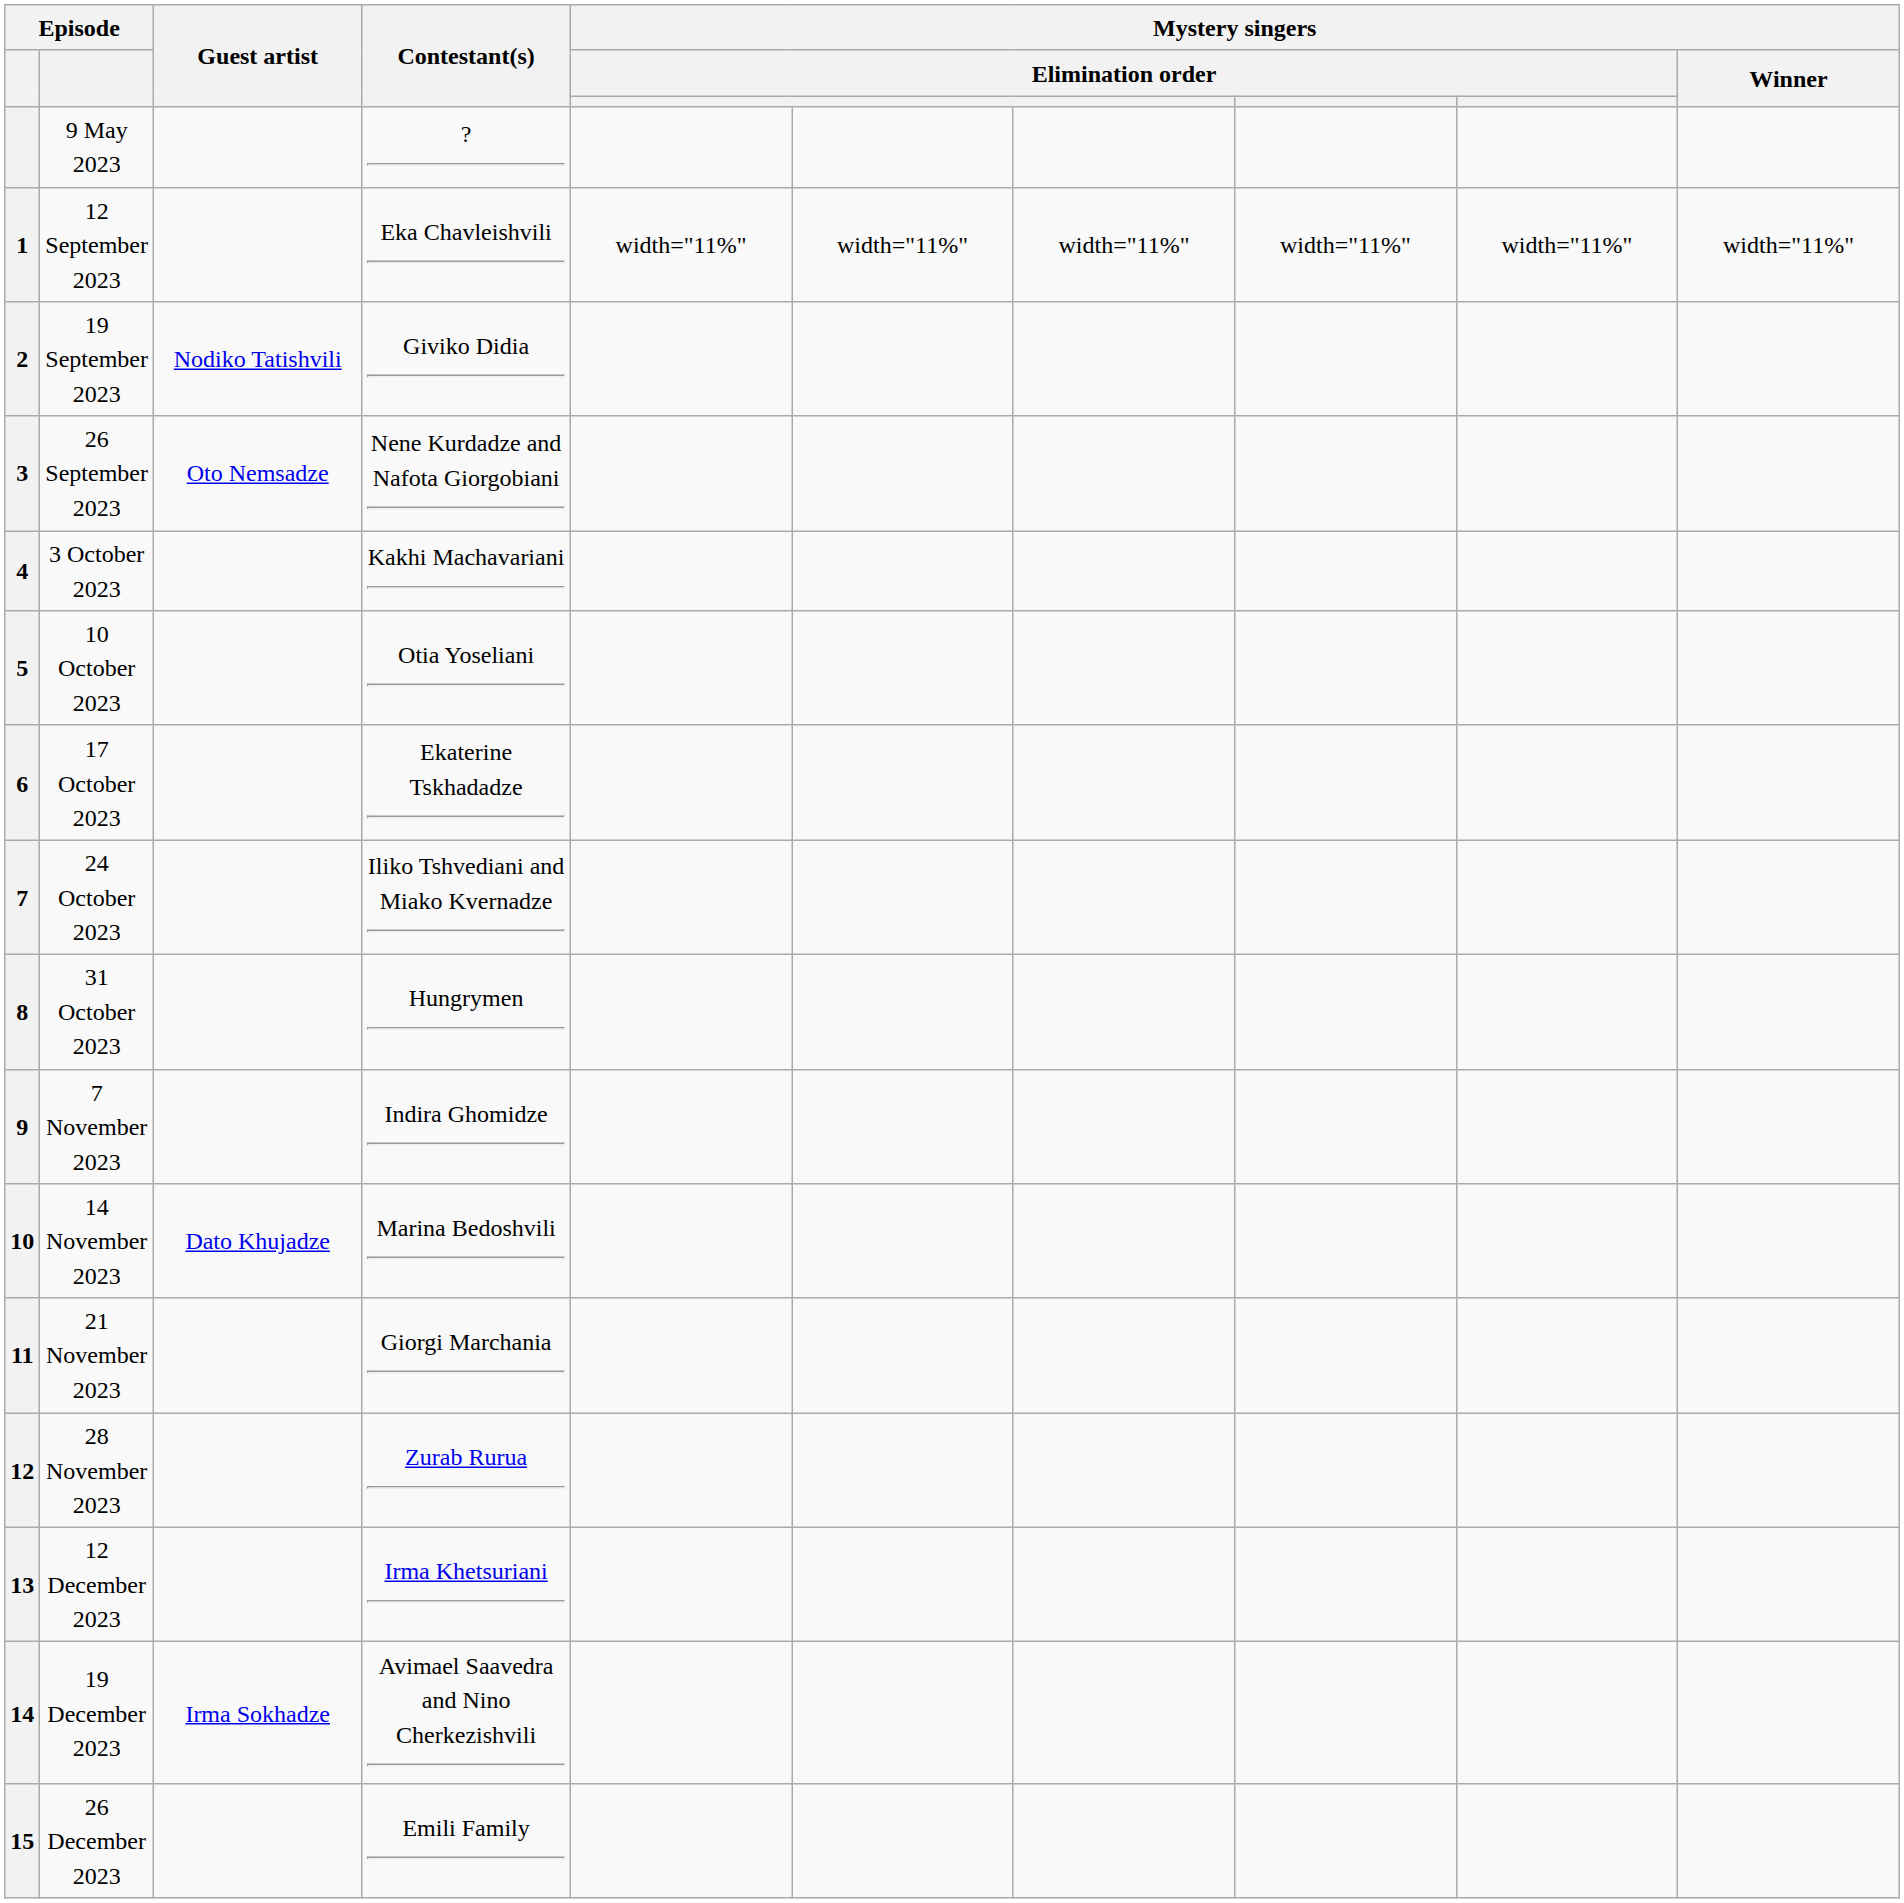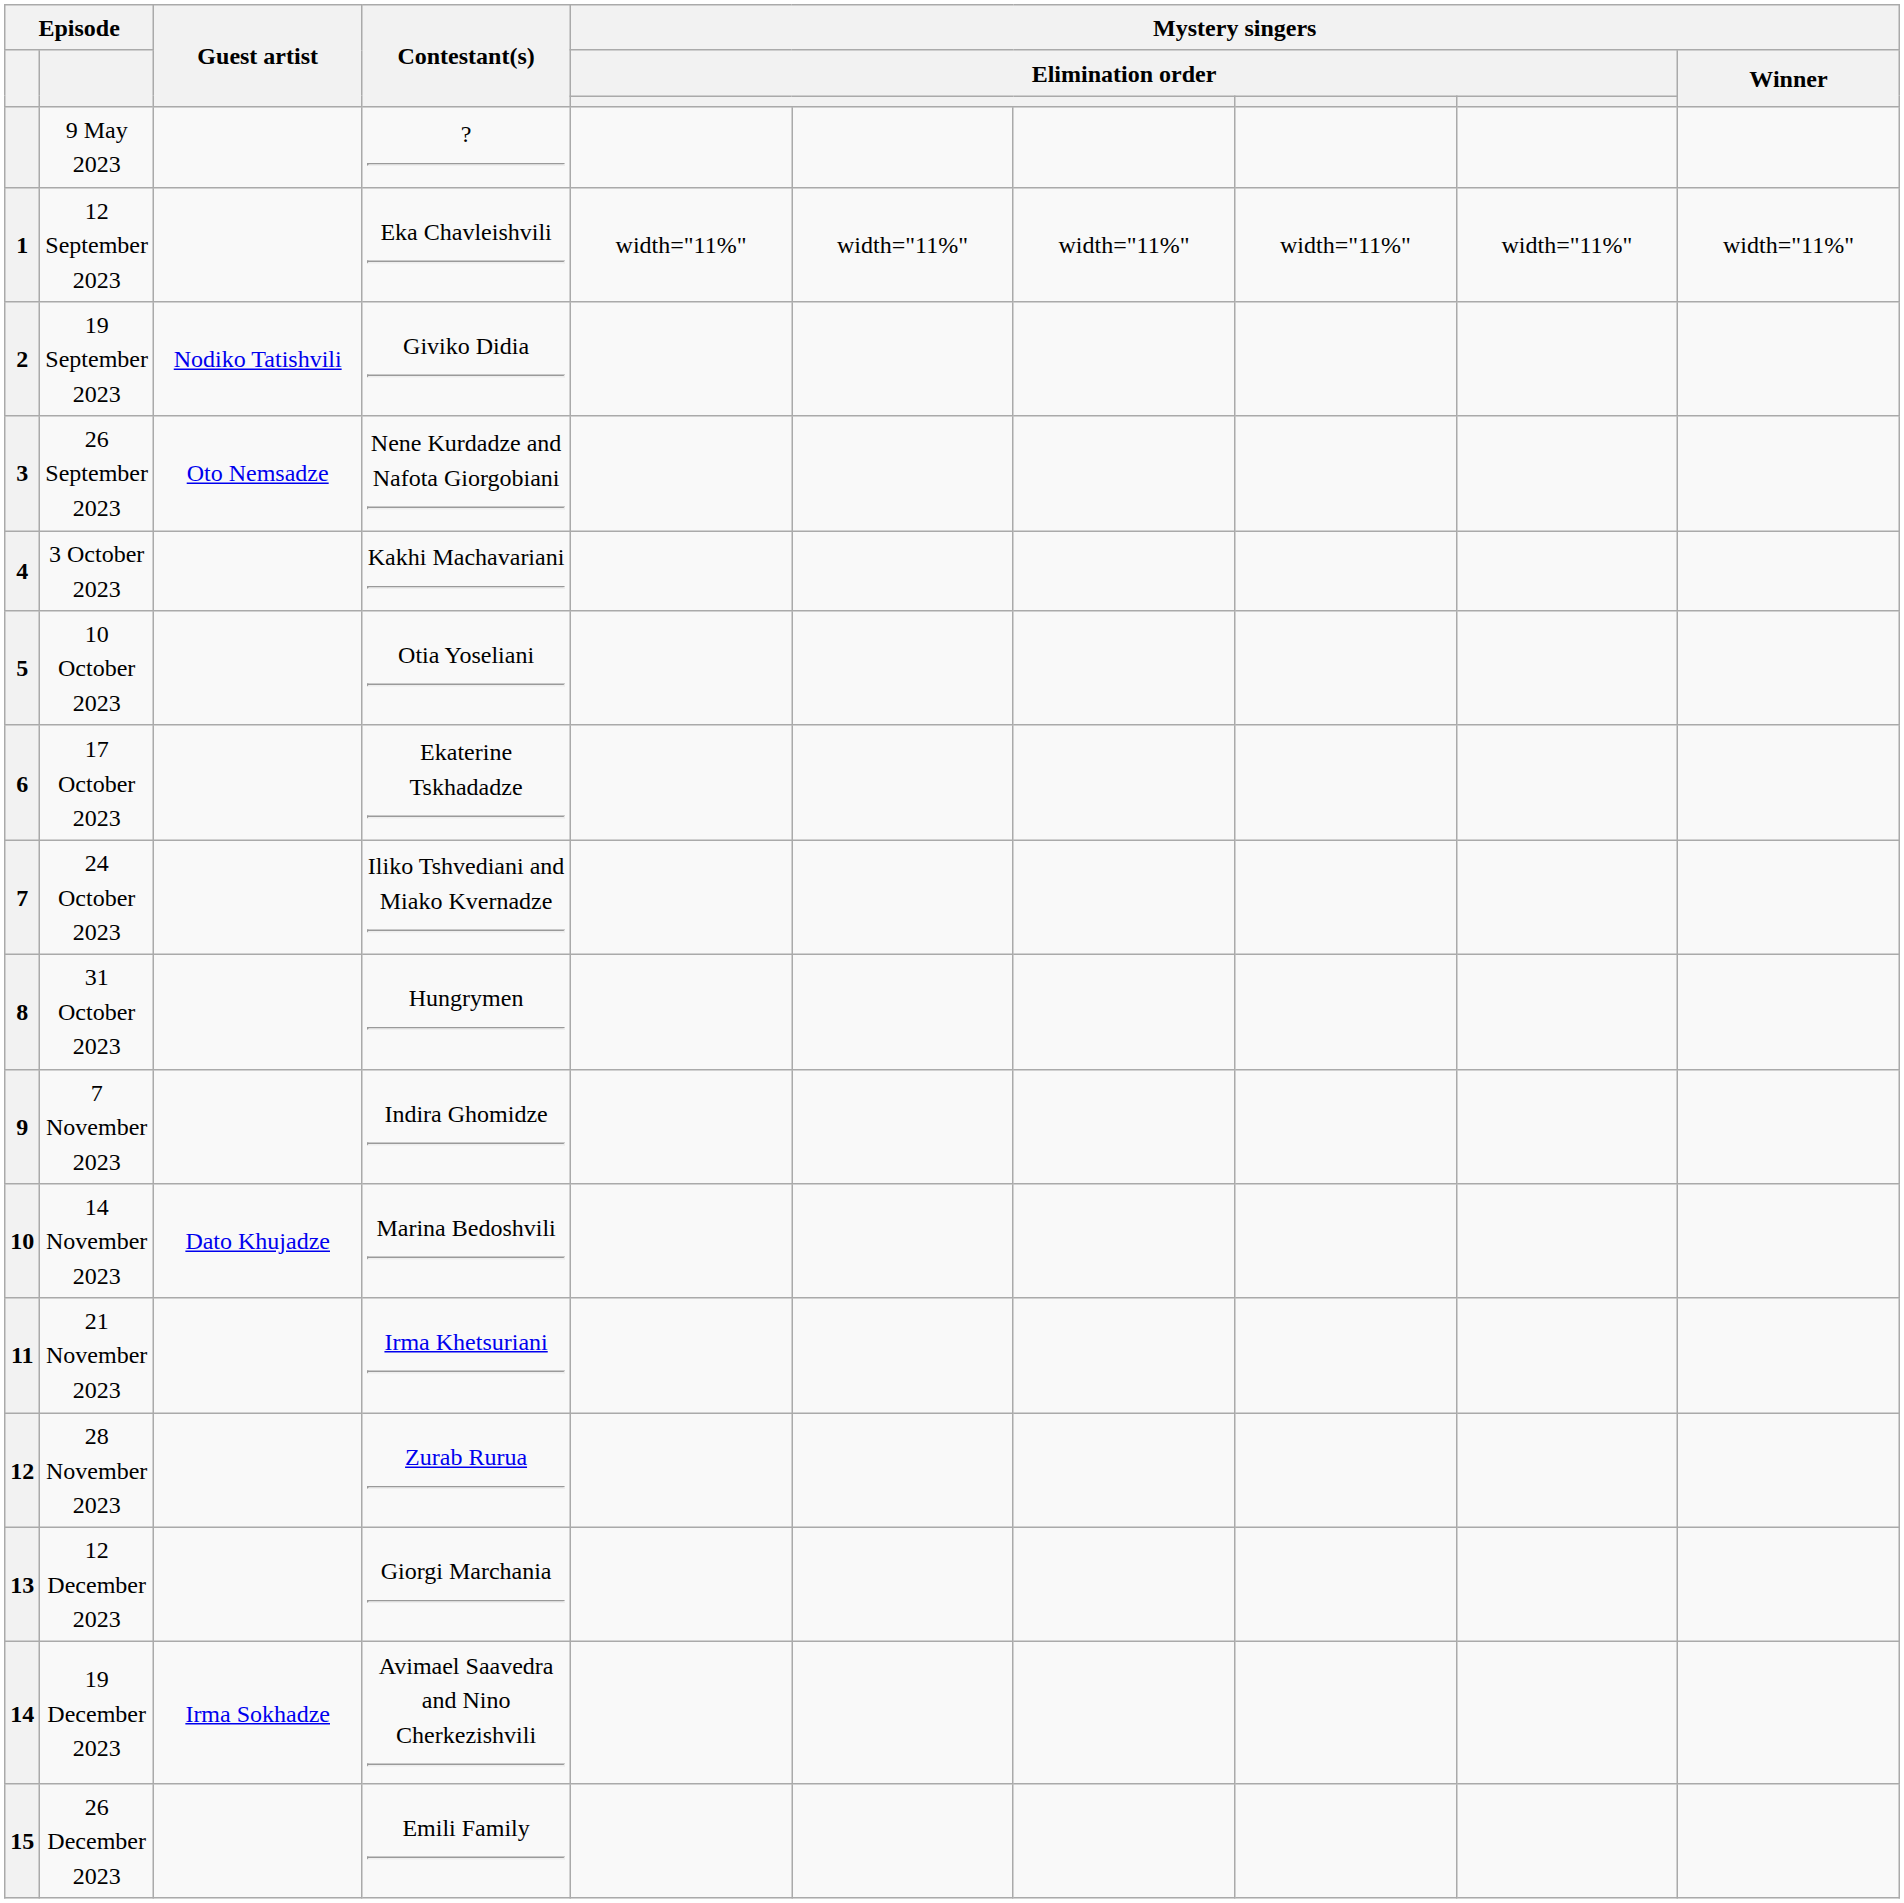 <table class="wikitable plainrowheaders mw-collapsible" style="text-align:center; line-height:23px; width:100%;">
 <tr>
 <th colspan="2" width="1%">Episode</th>
 <th rowspan="3" width="11%">Guest artist</th>
 <th rowspan="3" width="11%">Contestant(s)</th>
 <th colspan="6">Mystery singers<br></th>
 </tr>
 <tr>
 <th rowspan="2"></th>
 <th rowspan="2"></th>
 <th colspan="5">Elimination order</th>
 <th rowspan="2">Winner</th>
 </tr>
 <tr>
 <th colspan="3"></th>
 <th></th>
 <th></th>
 </tr>
 <tr>
 <th></th>
 <td>9 May 2023</td>
 <td></td>
 <td>?<hr></td>
 <td></td>
 <td></td>
 <td></td>
 <td></td>
 <td></td>
 <td></td>
 </tr>
 <tr>
 <th>1</th>
 <td>12 September 2023</td>
 <td></td>
 <td>Eka Chavleishvili<hr></td>
 <td>width="11%" </td>
 <td>width="11%" </td>
 <td>width="11%" </td>
 <td>width="11%" </td>
 <td>width="11%" </td>
 <td>width="11%" </td>
 </tr>
 <tr>
 <th>2</th>
 <td>19 September 2023</td>
 <td><a href='#'>Nodiko Tatishvili</a></td>
 <td>Giviko Didia<hr></td>
 <td></td>
 <td></td>
 <td></td>
 <td></td>
 <td></td>
 <td></td>
 </tr>
 <tr>
 <th>3</th>
 <td>26 September 2023</td>
 <td><a href='#'>Oto Nemsadze</a><br></td>
 <td>Nene Kurdadze and Nafota Giorgobiani<hr></td>
 <td></td>
 <td></td>
 <td></td>
 <td></td>
 <td></td>
 <td></td>
 </tr>
 <tr>
 <th>4</th>
 <td>3 October 2023</td>
 <td></td>
 <td>Kakhi Machavariani<hr></td>
 <td></td>
 <td></td>
 <td></td>
 <td></td>
 <td></td>
 <td></td>
 </tr>
 <tr>
 <th>5</th>
 <td>10 October 2023</td>
 <td></td>
 <td>Otia Yoseliani<hr></td>
 <td></td>
 <td></td>
 <td></td>
 <td></td>
 <td></td>
 <td></td>
 </tr>
 <tr>
 <th>6</th>
 <td>17 October 2023</td>
 <td></td>
 <td>Ekaterine Tskhadadze<hr></td>
 <td></td>
 <td></td>
 <td></td>
 <td></td>
 <td></td>
 <td></td>
 </tr>
 <tr>
 <th>7</th>
 <td>24 October 2023</td>
 <td></td>
 <td>Iliko Tshvediani and Miako Kvernadze<hr></td>
 <td></td>
 <td></td>
 <td></td>
 <td></td>
 <td></td>
 <td></td>
 </tr>
 <tr>
 <th>8</th>
 <td>31 October 2023</td>
 <td></td>
 <td>Hungrymen<br><hr></td>
 <td></td>
 <td></td>
 <td></td>
 <td></td>
 <td></td>
 <td></td>
 </tr>
 <tr>
 <th>9</th>
 <td>7 November 2023</td>
 <td></td>
 <td>Indira Ghomidze<hr></td>
 <td></td>
 <td></td>
 <td></td>
 <td></td>
 <td></td>
 <td></td>
 </tr>
 <tr>
 <th>10</th>
 <td>14 November 2023</td>
 <td><a href='#'>Dato Khujadze</a></td>
 <td>Marina Bedoshvili<br><hr></td>
 <td></td>
 <td></td>
 <td></td>
 <td></td>
 <td></td>
 <td></td>
 </tr>
 <tr>
 <th>11</th>
 <td>21 November 2023</td>
 <td></td>
-<td>Giorgi Marchania<hr></td>
+<td><a href='#'>Irma Khetsuriani</a><hr></td>
 <td></td>
 <td></td>
 <td></td>
 <td></td>
 <td></td>
 <td></td>
 </tr>
 <tr>
 <th>12</th>
 <td>28 November 2023</td>
 <td></td>
 <td><a href='#'>Zurab Rurua</a><hr></td>
 <td></td>
 <td></td>
 <td></td>
 <td></td>
 <td></td>
 <td></td>
 </tr>
 <tr>
 <th>13</th>
 <td>12 December 2023</td>
 <td></td>
-<td><a href='#'>Irma Khetsuriani</a><hr></td>
+<td>Giorgi Marchania<hr></td>
 <td></td>
 <td></td>
 <td></td>
 <td></td>
 <td></td>
 <td></td>
 </tr>
 <tr>
 <th>14</th>
 <td>19 December 2023</td>
 <td><a href='#'>Irma Sokhadze</a></td>
 <td>Avimael Saavedra and Nino Cherkezishvili<hr></td>
 <td></td>
 <td></td>
 <td></td>
 <td></td>
 <td></td>
 <td></td>
 </tr>
 <tr>
 <th>15</th>
 <td>26 December 2023</td>
 <td></td>
 <td>Emili Family<br><hr></td>
 <td></td>
 <td></td>
 <td></td>
 <td></td>
 <td></td>
 <td></td>
 </tr>
 </table>
